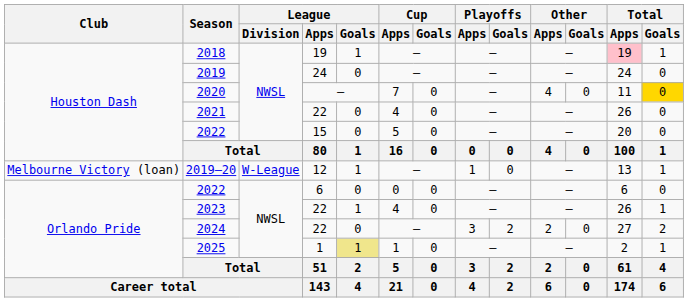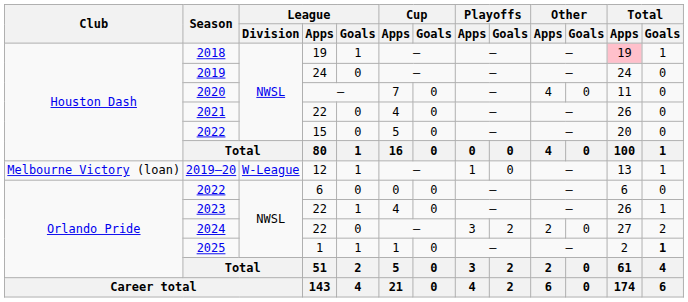 <table class="wikitable" style="text-align: center;">
 <tr>
 <th rowspan="2">Club</th>
 <th rowspan="2">Season</th>
 <th colspan="3">League</th>
 <th colspan="2">Cup</th>
 <th colspan="2">Playoffs</th>
 <th colspan="2">Other</th>
 <th colspan="2">Total</th>
 </tr>
 <tr>
 <th>Division</th>
 <th>Apps</th>
 <th>Goals</th>
 <th>Apps</th>
 <th>Goals</th>
 <th>Apps</th>
 <th>Goals</th>
 <th>Apps</th>
 <th>Goals</th>
 <th>Apps</th>
 <th>Goals</th>
 </tr>
 <tr>
 <td rowspan="6"><a href='#'>Houston Dash</a></td>
 <td><a href='#'>2018</a></td>
 <td rowspan="5"><a href='#'>NWSL</a></td>
 <td>19</td>
 <td>1</td>
 <td colspan="2">—</td>
 <td colspan="2">—</td>
 <td colspan="2">—</td>
 <td style="background: pink;">19</td>
 <td>1</td>
 </tr>
 <tr>
 <td><a href='#'>2019</a></td>
 <td>24</td>
 <td>0</td>
 <td colspan="2">—</td>
 <td colspan="2">—</td>
 <td colspan="2">—</td>
 <td>24</td>
 <td>0</td>
 </tr>
 <tr>
 <td><a href='#'>2020</a></td>
 <td colspan="2">—</td>
 <td>7</td>
 <td>0</td>
 <td colspan="2">—</td>
 <td>4</td>
 <td>0</td>
 <td>11</td>
-<td style="background: gold;">0</td>
+<td>0</td>
 </tr>
 <tr>
 <td><a href='#'>2021</a></td>
 <td>22</td>
 <td>0</td>
 <td>4</td>
 <td>0</td>
 <td colspan="2">—</td>
 <td colspan="2">—</td>
 <td>26</td>
 <td>0</td>
 </tr>
 <tr>
 <td><a href='#'>2022</a></td>
 <td>15</td>
 <td>0</td>
 <td>5</td>
 <td>0</td>
 <td colspan="2">—</td>
 <td colspan="2">—</td>
 <td>20</td>
 <td>0</td>
 </tr>
 <tr>
 <th colspan="2">Total</th>
 <th>80</th>
 <th>1</th>
 <th>16</th>
 <th>0</th>
 <th>0</th>
 <th>0</th>
 <th>4</th>
 <th>0</th>
 <th>100</th>
 <th>1</th>
 </tr>
 <tr>
 <td><a href='#'>Melbourne Victory</a> (loan)</td>
 <td><a href='#'>2019–20</a></td>
 <td><a href='#'>W-League</a></td>
 <td>12</td>
 <td>1</td>
 <td colspan="2">—</td>
 <td>1</td>
 <td>0</td>
 <td colspan="2">—</td>
 <td>13</td>
 <td>1</td>
 </tr>
 <tr>
 <td rowspan="5"><a href='#'>Orlando Pride</a></td>
 <td><a href='#'>2022</a></td>
 <td rowspan="4">NWSL</td>
 <td>6</td>
 <td>0</td>
 <td>0</td>
 <td>0</td>
 <td colspan="2">—</td>
 <td colspan="2">—</td>
 <td>6</td>
 <td>0</td>
 </tr>
 <tr>
 <td><a href='#'>2023</a></td>
 <td>22</td>
 <td>1</td>
 <td>4</td>
 <td>0</td>
 <td colspan="2">—</td>
 <td colspan="2">—</td>
 <td>26</td>
 <td>1</td>
 </tr>
 <tr>
 <td><a href='#'>2024</a></td>
 <td>22</td>
 <td>0</td>
 <td colspan="2">—</td>
 <td>3</td>
 <td>2</td>
 <td>2</td>
 <td>0</td>
 <td>27</td>
 <td>2</td>
 </tr>
 <tr>
 <td><a href='#'>2025</a></td>
 <td>1</td>
-<td style="background: khaki;">1</td>
+<td>1</td>
 <td>1</td>
 <td>0</td>
 <td colspan="2">—</td>
 <td colspan="2">—</td>
 <td>2</td>
-<td>1</td>
+<td><strong>1</strong></td>
 </tr>
 <tr>
 <th colspan="2">Total</th>
 <th>51</th>
 <th>2</th>
 <th>5</th>
 <th>0</th>
 <th>3</th>
 <th>2</th>
 <th>2</th>
 <th>0</th>
 <th>61</th>
 <th>4</th>
 </tr>
 <tr>
 <th colspan="3">Career total</th>
 <th>143</th>
 <th>4</th>
 <th>21</th>
 <th>0</th>
 <th>4</th>
 <th>2</th>
 <th>6</th>
 <th>0</th>
 <th>174</th>
 <th>6</th>
 </tr>
 </table>
